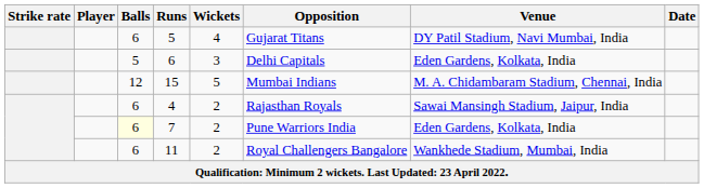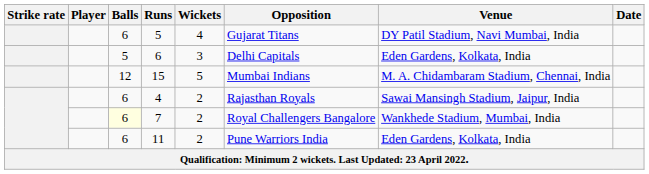 <table class="wikitable sortable" style="text-align:left;font-size:96%;">
 <tr>
 <th>Strike rate</th>
 <th>Player</th>
 <th>Balls</th>
 <th>Runs</th>
 <th>Wickets</th>
 <th>Opposition</th>
 <th>Venue</th>
 <th>Date</th>
 </tr>
 <tr>
 <th scope=row style=text-align:center;></th>
 <td></td>
 <td align=center>6</td>
 <td align=center>5</td>
 <td align=center>4</td>
 <td><a href='#'>Gujarat Titans</a></td>
 <td><a href='#'>DY Patil Stadium</a>, <a href='#'>Navi Mumbai</a>, India</td>
 <td></td>
 </tr>
 <tr>
 <th scope=row style=text-align:center;></th>
 <td></td>
 <td align=center>5</td>
 <td align=center>6</td>
 <td align=center>3</td>
 <td><a href='#'>Delhi Capitals</a></td>
 <td><a href='#'>Eden Gardens</a>, <a href='#'>Kolkata</a>, India</td>
 <td></td>
 </tr>
 <tr>
 <th scope=row style=text-align:center;></th>
 <td></td>
 <td align=center>12</td>
 <td align=center>15</td>
 <td align=center>5</td>
 <td><a href='#'>Mumbai Indians</a></td>
 <td><a href='#'>M. A. Chidambaram Stadium</a>, <a href='#'>Chennai</a>, India</td>
 <td></td>
 </tr>
 <tr>
 <th scope=row style=text-align:center; rowspan=3></th>
 <td></td>
 <td align=center>6</td>
 <td align=center>4</td>
 <td align=center>2</td>
 <td><a href='#'>Rajasthan Royals</a></td>
 <td><a href='#'>Sawai Mansingh Stadium</a>, <a href='#'>Jaipur</a>, India</td>
 <td></td>
 </tr>
 <tr>
 <td></td>
 <td align=center style="background: lightyellow;">6</td>
 <td align=center>7</td>
 <td align=center>2</td>
-<td><a href='#'>Pune Warriors India</a></td>
-<td><a href='#'>Eden Gardens</a>, <a href='#'>Kolkata</a>, India</td>
+<td><a href='#'>Royal Challengers Bangalore</a></td>
+<td><a href='#'>Wankhede Stadium</a>, <a href='#'>Mumbai</a>, India</td>
 <td></td>
 </tr>
 <tr>
 <td></td>
 <td align=center>6</td>
 <td align=center>11</td>
 <td align=center>2</td>
-<td><a href='#'>Royal Challengers Bangalore</a></td>
-<td><a href='#'>Wankhede Stadium</a>, <a href='#'>Mumbai</a>, India</td>
+<td><a href='#'>Pune Warriors India</a></td>
+<td><a href='#'>Eden Gardens</a>, <a href='#'>Kolkata</a>, India</td>
 <td></td>
 </tr>
 <tr class=sortbottom>
 <th colspan=9><small>Qualification: Minimum 2 wickets. Last Updated: 23 April 2022</small>.</th>
 </tr>
 </table>
